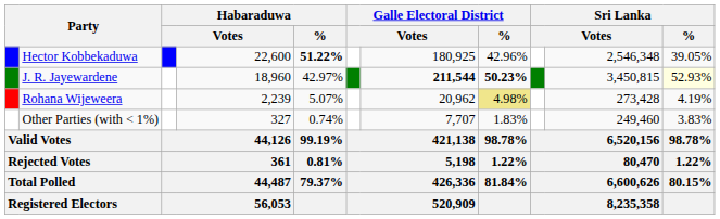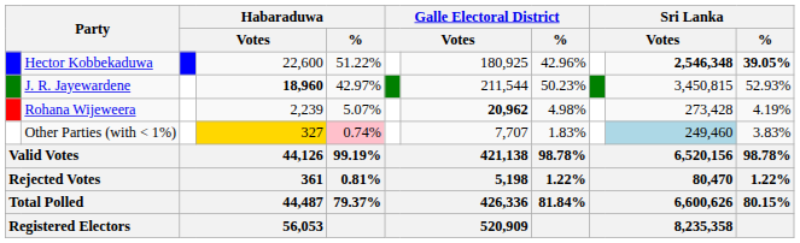 <table class="wikitable">
 <tr>
 <th colspan="2" width="144px"rowspan="2">Party</th>
 <th colspan="3" width="216px">Habaraduwa</th>
 <th colspan="3" width="216px"><a href='#'>Galle Electoral District</a></th>
 <th colspan="3" width="216px">Sri Lanka</th>
 </tr>
 <tr>
 <th colspan="2" width="144px">Votes</th>
 <th>%</th>
 <th colspan="2" width="144px">Votes</th>
 <th>%</th>
 <th colspan="2" width="144px">Votes</th>
 <th>%</th>
 </tr>
 <tr>
 <td style="background-color:blue;" width="10px"></td>
 <td style="text-align:left;"><a href='#'>Hector Kobbekaduwa</a></td>
 <td style="background-color:blue;" width="10px"></td>
 <td style="text-align:right;">22,600</td>
-<td style="text-align:right;"><strong>51.22%</strong></td>
+<td style="text-align:right;">51.22%</td>
 <td style="background-color:white;" width="10px"></td>
 <td style="text-align:right;">180,925</td>
 <td style="text-align:right;">42.96%</td>
 <td style="background-color:white;" width="10px"></td>
-<td style="text-align:right;">2,546,348</td>
-<td style="text-align:right;">39.05%</td>
+<td style="text-align:right;"><strong>2,546,348</strong></td>
+<td style="text-align:right;"><strong>39.05%</strong></td>
 </tr>
 <tr>
 <td style="background-color:green;" width="10px"></td>
 <td style="text-align:left;"><a href='#'>J. R. Jayewardene</a></td>
 <td style="background-color:white;" width="10px"></td>
-<td style="text-align:right;">18,960</td>
+<td style="text-align:right;"><strong>18,960</strong></td>
 <td style="text-align:right;">42.97%</td>
 <td style="background-color:green;" width="10px"></td>
-<td style="text-align:right;"><strong>211,544</strong></td>
-<td style="text-align:right;"><strong>50.23%</strong></td>
+<td style="text-align:right;">211,544</td>
+<td style="text-align:right;">50.23%</td>
 <td style="background-color:green;" width="10px"></td>
 <td style="text-align:right;">3,450,815</td>
-<td style="background: lightyellow; text-align:right;">52.93%</td>
+<td style="text-align:right;">52.93%</td>
 </tr>
 <tr>
 <td style="background-color:red;" width="10px"></td>
 <td style="text-align:left;"><a href='#'>Rohana Wijeweera</a></td>
 <td style="background-color:white;" width="10px"></td>
 <td style="text-align:right;">2,239</td>
 <td style="text-align:right;">5.07%</td>
 <td style="background-color:white;" width="10px"></td>
-<td style="text-align:right;">20,962</td>
-<td style="background: khaki; text-align:right;">4.98%</td>
+<td style="text-align:right;"><strong>20,962</strong></td>
+<td style="text-align:right;">4.98%</td>
 <td style="background-color:white;" width="10px"></td>
 <td style="text-align:right;">273,428</td>
 <td style="text-align:right;">4.19%</td>
 </tr>
 <tr>
 <td style="background-color:white;" width="10px"></td>
 <td style="text-align:left;">Other Parties (with < 1%)</td>
 <td style="background-color:white;" width="10px"></td>
-<td style="text-align:right;">327</td>
-<td style="text-align:right;">0.74%</td>
+<td style="background: gold; text-align:right;">327</td>
+<td style="background: pink; text-align:right;">0.74%</td>
 <td style="background-color:white;" width="10px"></td>
 <td style="text-align:right;">7,707</td>
 <td style="text-align:right;">1.83%</td>
 <td style="background-color:white;" width="10px"></td>
-<td style="text-align:right;">249,460</td>
+<td style="background: lightblue; text-align:right;">249,460</td>
 <td style="text-align:right;">3.83%</td>
 </tr>
 <tr>
 <th colspan="2" width="144px"style="text-align:left;">Valid Votes</th>
 <th style="text-align:right;"colspan="2" width="144px">44,126</th>
 <th style="text-align:right;">99.19%</th>
 <th style="text-align:right;"colspan="2" width="144px">421,138</th>
 <th style="text-align:right;">98.78%</th>
 <th style="text-align:right;"colspan="2" width="144px">6,520,156</th>
 <th style="text-align:right;">98.78%</th>
 </tr>
 <tr>
 <th colspan="2" width="144px"style="text-align:left;">Rejected Votes</th>
 <th style="text-align:right;"colspan="2" width="144px">361</th>
 <th style="text-align:right;">0.81%</th>
 <th style="text-align:right;"colspan="2" width="144px">5,198</th>
 <th style="text-align:right;">1.22%</th>
 <th style="text-align:right;"colspan="2" width="144px">80,470</th>
 <th style="text-align:right;">1.22%</th>
 </tr>
 <tr>
 <th colspan="2" width="144px"style="text-align:left;">Total Polled</th>
 <th style="text-align:right;"colspan="2" width="144px">44,487</th>
 <th style="text-align:right;">79.37%</th>
 <th style="text-align:right;"colspan="2" width="144px">426,336</th>
 <th style="text-align:right;">81.84%</th>
 <th style="text-align:right;"colspan="2" width="144px">6,600,626</th>
 <th style="text-align:right;">80.15%</th>
 </tr>
 <tr>
 <th colspan="2" width="144px"style="text-align:left;">Registered Electors</th>
 <th style="text-align:right;"colspan="2" width="144px">56,053</th>
 <th></th>
 <th style="text-align:right;"colspan="2" width="144px">520,909</th>
 <th></th>
 <th style="text-align:right;"colspan="2" width="144px">8,235,358</th>
 <th></th>
 </tr>
 </table>
